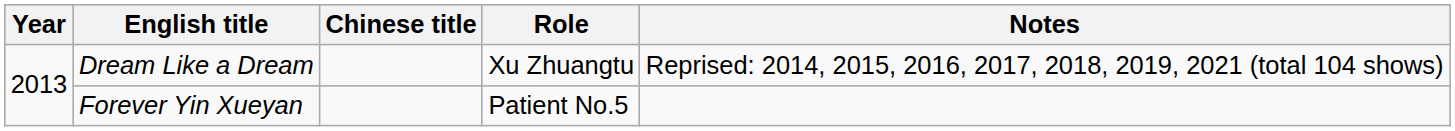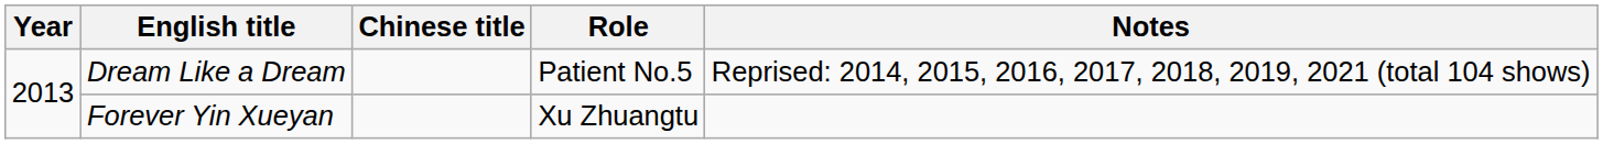 <table class="wikitable sortable plainrowheaders">
 <tr>
 <th>Year</th>
 <th>English title</th>
 <th>Chinese title</th>
 <th>Role</th>
 <th>Notes</th>
 </tr>
 <tr>
 <td rowspan=2>2013</td>
 <td><em>Dream Like a Dream</em></td>
 <td></td>
-<td>Xu Zhuangtu</td>
+<td>Patient No.5</td>
 <td>Reprised: 2014, 2015, 2016, 2017, 2018, 2019, 2021 (total 104 shows)</td>
 </tr>
 <tr>
 <td><em>Forever Yin Xueyan </em></td>
 <td></td>
-<td>Patient No.5</td>
+<td>Xu Zhuangtu</td>
 <td></td>
 </tr>
 </table>
